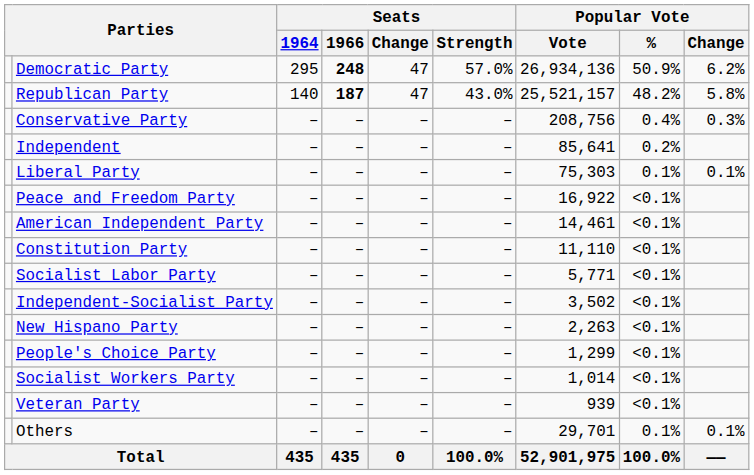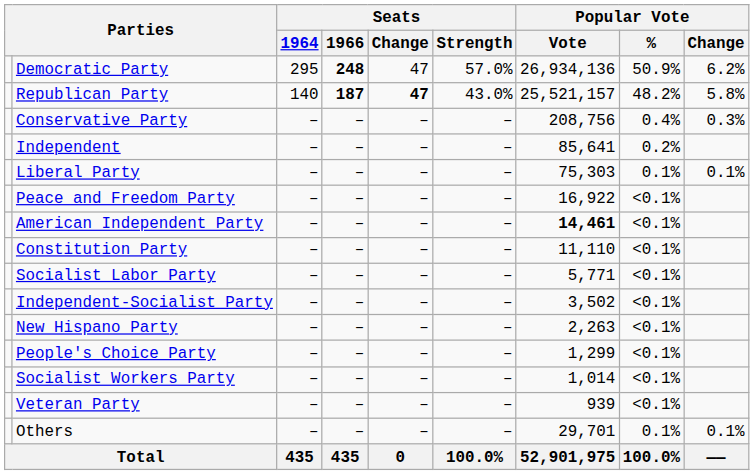 <table class=wikitable style=text-align:center">
 <tr>
 <th colspan=2 rowspan=2>Parties</th>
 <th colspan=4>Seats</th>
 <th colspan=3>Popular Vote</th>
 </tr>
 <tr>
 <th><a href='#'>1964</a></th>
 <th><strong>1966</strong></th>
 <th>Change</th>
 <th>Strength</th>
 <th>Vote</th>
 <th>%</th>
 <th>Change</th>
 </tr>
 <tr>
 <td></td>
 <td><a href='#'>Democratic Party</a></td>
 <td align=right>295</td>
 <td align=right><strong>248</strong></td>
 <td align=right> 47</td>
 <td align=right>57.0%</td>
 <td align=right>26,934,136</td>
 <td align=right>50.9%</td>
 <td align=right> 6.2%</td>
 </tr>
 <tr>
 <td></td>
 <td><a href='#'>Republican Party</a></td>
 <td align=right>140</td>
 <td align=right><strong>187</strong></td>
-<td align=right> 47</td>
+<td align=right><strong> 47</strong></td>
 <td align=right>43.0%</td>
 <td align=right>25,521,157</td>
 <td align=right>48.2%</td>
 <td align=right> 5.8%</td>
 </tr>
 <tr>
 <td></td>
 <td><a href='#'>Conservative Party</a></td>
 <td align=right>–</td>
 <td align=right>–</td>
 <td align=right>–</td>
 <td align=right>–</td>
 <td align=right>208,756</td>
 <td align=right>0.4%</td>
 <td align=right> 0.3%</td>
 </tr>
 <tr>
 <td></td>
 <td><a href='#'>Independent</a></td>
 <td align=right>–</td>
 <td align=right>–</td>
 <td align=right>–</td>
 <td align=right>–</td>
 <td align=right>85,641</td>
 <td align=right>0.2%</td>
 <td align=right></td>
 </tr>
 <tr>
 <td></td>
 <td><a href='#'>Liberal Party</a></td>
 <td align=right>–</td>
 <td align=right>–</td>
 <td align=right>–</td>
 <td align=right>–</td>
 <td align=right>75,303</td>
 <td align=right>0.1%</td>
 <td align=right> 0.1%</td>
 </tr>
 <tr>
 <td></td>
 <td><a href='#'>Peace and Freedom Party</a></td>
 <td align=right>–</td>
 <td align=right>–</td>
 <td align=right>–</td>
 <td align=right>–</td>
 <td align=right>16,922</td>
 <td align=right><0.1%</td>
 <td align=right></td>
 </tr>
 <tr>
 <td></td>
 <td><a href='#'>American Independent Party</a></td>
 <td align=right>–</td>
 <td align=right>–</td>
 <td align=right>–</td>
 <td align=right>–</td>
-<td align=right>14,461</td>
+<td align=right><strong>14,461</strong></td>
 <td align=right><0.1%</td>
 <td align=right></td>
 </tr>
 <tr>
 <td></td>
 <td><a href='#'>Constitution Party</a></td>
 <td align=right>–</td>
 <td align=right>–</td>
 <td align=right>–</td>
 <td align=right>–</td>
 <td align=right>11,110</td>
 <td align=right><0.1%</td>
 <td align=right></td>
 </tr>
 <tr>
 <td></td>
 <td><a href='#'>Socialist Labor Party</a></td>
 <td align=right>–</td>
 <td align=right>–</td>
 <td align=right>–</td>
 <td align=right>–</td>
 <td align=right>5,771</td>
 <td align=right><0.1%</td>
 <td align=right></td>
 </tr>
 <tr>
 <td></td>
 <td><a href='#'>Independent-Socialist Party</a></td>
 <td align=right>–</td>
 <td align=right>–</td>
 <td align=right>–</td>
 <td align=right>–</td>
 <td align=right>3,502</td>
 <td align=right><0.1%</td>
 <td align=right></td>
 </tr>
 <tr>
 <td></td>
 <td><a href='#'>New Hispano Party</a></td>
 <td align=right>–</td>
 <td align=right>–</td>
 <td align=right>–</td>
 <td align=right>–</td>
 <td align=right>2,263</td>
 <td align=right><0.1%</td>
 <td align=right></td>
 </tr>
 <tr>
 <td></td>
 <td><a href='#'>People's Choice Party</a></td>
 <td align=right>–</td>
 <td align=right>–</td>
 <td align=right>–</td>
 <td align=right>–</td>
 <td align=right>1,299</td>
 <td align=right><0.1%</td>
 <td align=right></td>
 </tr>
 <tr>
 <td></td>
 <td><a href='#'>Socialist Workers Party</a></td>
 <td align=right>–</td>
 <td align=right>–</td>
 <td align=right>–</td>
 <td align=right>–</td>
 <td align=right>1,014</td>
 <td align=right><0.1%</td>
 <td align=right></td>
 </tr>
 <tr>
 <td></td>
 <td><a href='#'>Veteran Party</a></td>
 <td align=right>–</td>
 <td align=right>–</td>
 <td align=right>–</td>
 <td align=right>–</td>
 <td align=right>939</td>
 <td align=right><0.1%</td>
 <td align=right></td>
 </tr>
 <tr>
 <td></td>
 <td>Others</td>
 <td align=right>–</td>
 <td align=right>–</td>
 <td align=right>–</td>
 <td align=right>–</td>
 <td align=right>29,701</td>
 <td align=right>0.1%</td>
 <td align=right> 0.1%</td>
 </tr>
 <tr>
 <th colspan=2 width=100>Total</th>
 <th>435</th>
 <th>435</th>
 <th>0</th>
 <th>100.0%</th>
 <th>52,901,975</th>
 <th>100.0%</th>
 <th>——</th>
 </tr>
 </table>
